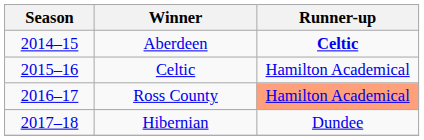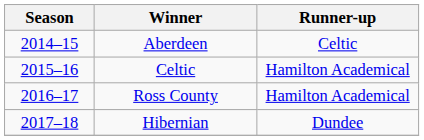 <table class="wikitable">
 <tr>
 <th width=80>Season</th>
 <th width=150>Winner</th>
 <th width=150>Runner-up</th>
 </tr>
 <tr>
 <td align=center><a href='#'>2014–15</a></td>
 <td align=center><a href='#'>Aberdeen</a></td>
-<td align=center><strong><a href='#'>Celtic</a></strong></td>
+<td align=center><a href='#'>Celtic</a></td>
 </tr>
 <tr>
 <td align=center><a href='#'>2015–16</a></td>
 <td align=center><a href='#'>Celtic</a></td>
 <td align=center><a href='#'>Hamilton Academical</a></td>
 </tr>
 <tr>
 <td align=center><a href='#'>2016–17</a></td>
 <td align=center><a href='#'>Ross County</a></td>
-<td align=center style="background: lightsalmon;"><a href='#'>Hamilton Academical</a></td>
+<td align=center><a href='#'>Hamilton Academical</a></td>
 </tr>
 <tr>
 <td align=center><a href='#'>2017–18</a></td>
 <td align=center><a href='#'>Hibernian</a></td>
 <td align=center><a href='#'>Dundee</a></td>
 </tr>
 <tr>
 </tr>
 </table>
